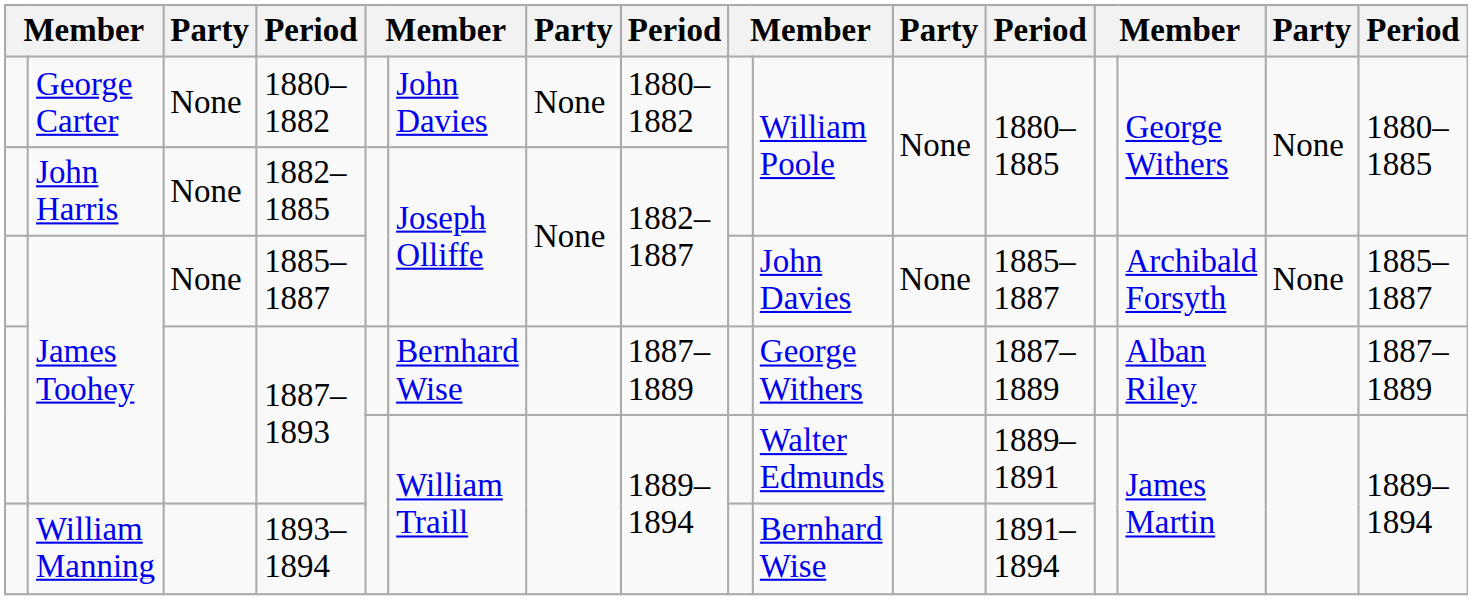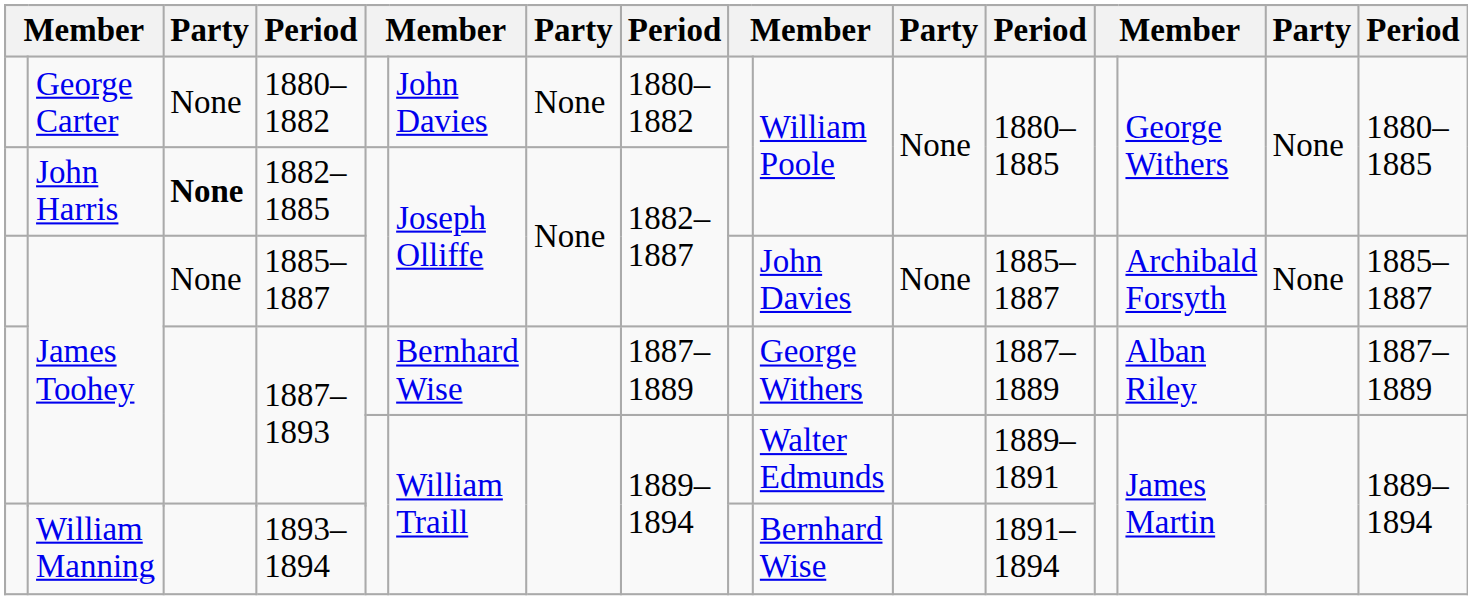 <table class="wikitable">
 <tr>
 <th colspan="2">Member</th>
 <th>Party</th>
 <th>Period</th>
 <th colspan="2">Member</th>
 <th>Party</th>
 <th>Period</th>
 <th colspan="2">Member</th>
 <th>Party</th>
 <th>Period</th>
 <th colspan="2">Member</th>
 <th>Party</th>
 <th>Period</th>
 </tr>
 <tr>
 <td> </td>
 <td><a href='#'>George Carter</a></td>
 <td>None</td>
 <td>1880–1882</td>
 <td> </td>
 <td><a href='#'>John Davies</a></td>
 <td>None</td>
 <td>1880–1882</td>
 <td rowspan="2" > </td>
 <td rowspan="2"><a href='#'>William Poole</a></td>
 <td rowspan="2">None</td>
 <td rowspan="2">1880–1885</td>
 <td rowspan="2" > </td>
 <td rowspan="2"><a href='#'>George Withers</a></td>
 <td rowspan="2">None</td>
 <td rowspan="2">1880–1885</td>
 </tr>
 <tr>
 <td> </td>
 <td><a href='#'>John Harris</a></td>
-<td>None</td>
+<td><strong>None</strong></td>
 <td>1882–1885</td>
 <td rowspan="2" > </td>
 <td rowspan="2"><a href='#'>Joseph Olliffe</a></td>
 <td rowspan="2">None</td>
 <td rowspan="2">1882–1887</td>
 </tr>
 <tr>
 <td> </td>
 <td rowspan="4"><a href='#'>James Toohey</a></td>
 <td>None</td>
 <td>1885–1887</td>
 <td> </td>
 <td><a href='#'>John Davies</a></td>
 <td>None</td>
 <td>1885–1887</td>
 <td> </td>
 <td><a href='#'>Archibald Forsyth</a></td>
 <td>None</td>
 <td>1885–1887</td>
 </tr>
 <tr>
 <td rowspan="3" > </td>
 <td rowspan="3"></td>
 <td rowspan="3">1887–1893</td>
 <td> </td>
 <td><a href='#'>Bernhard Wise</a></td>
 <td></td>
 <td>1887–1889</td>
 <td> </td>
 <td><a href='#'>George Withers</a></td>
 <td></td>
 <td>1887–1889</td>
 <td> </td>
 <td><a href='#'>Alban Riley</a></td>
 <td></td>
 <td>1887–1889</td>
 </tr>
 <tr>
 <td rowspan="3" > </td>
 <td rowspan="3"><a href='#'>William Traill</a></td>
 <td rowspan="3"></td>
 <td rowspan="3">1889–1894</td>
 <td> </td>
 <td><a href='#'>Walter Edmunds</a></td>
 <td></td>
 <td>1889–1891</td>
 <td rowspan="3" > </td>
 <td rowspan="3"><a href='#'>James Martin</a></td>
 <td rowspan="3"></td>
 <td rowspan="3">1889–1894</td>
 </tr>
 <tr>
 <td rowspan="2" ><br> </td>
 <td rowspan="2"><a href='#'>Bernhard Wise</a></td>
 <td rowspan="2"></td>
 <td rowspan="2">1891–1894</td>
 </tr>
 <tr>
 <td> </td>
 <td><a href='#'>William Manning</a></td>
 <td></td>
 <td>1893–1894</td>
 </tr>
 </table>
